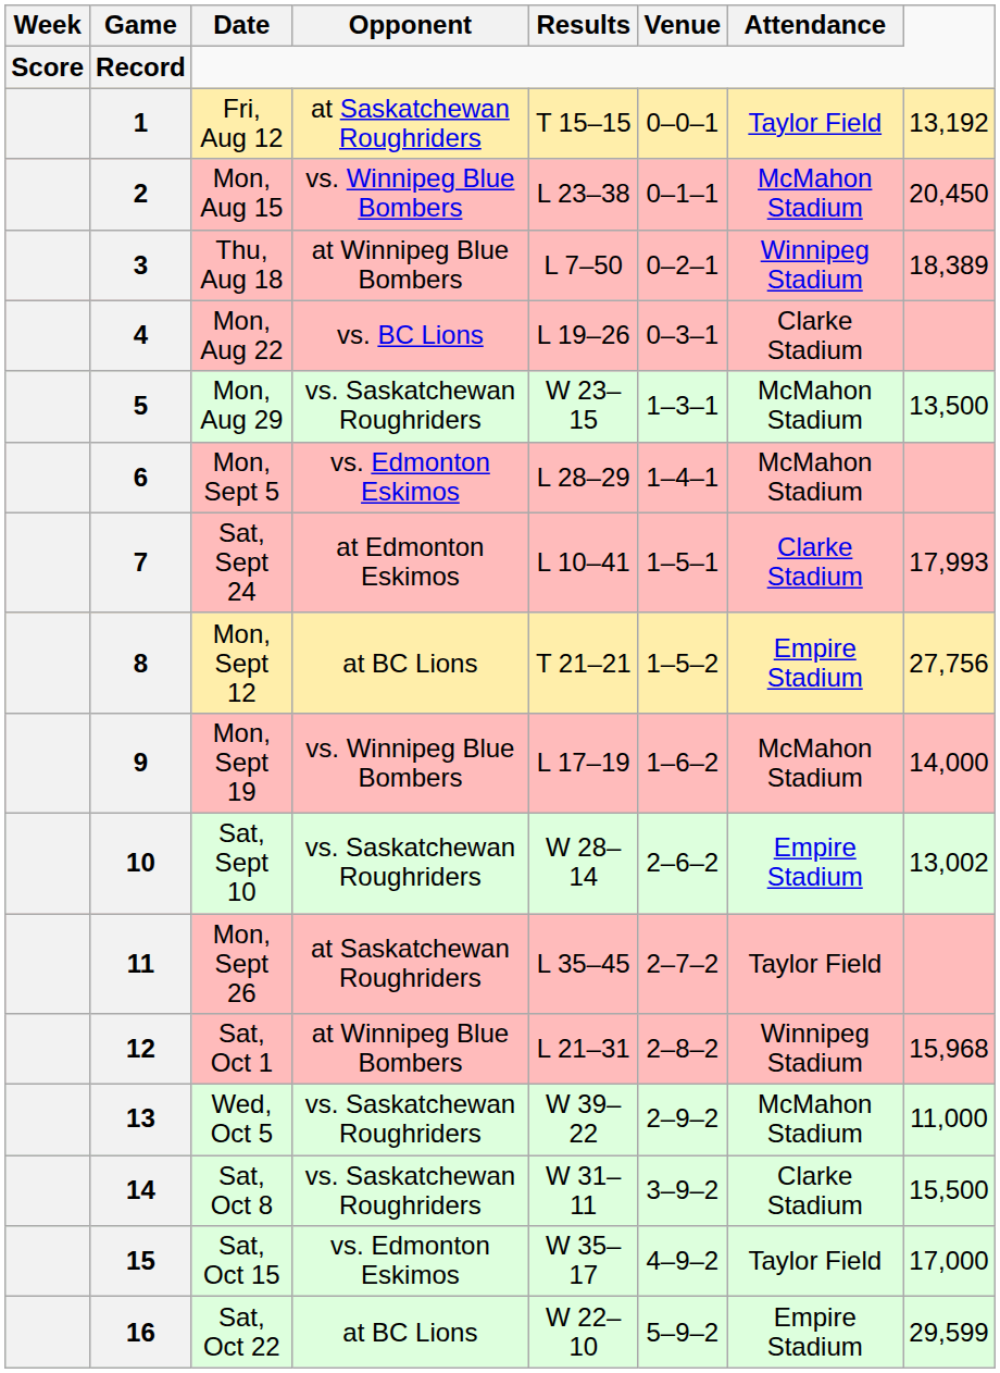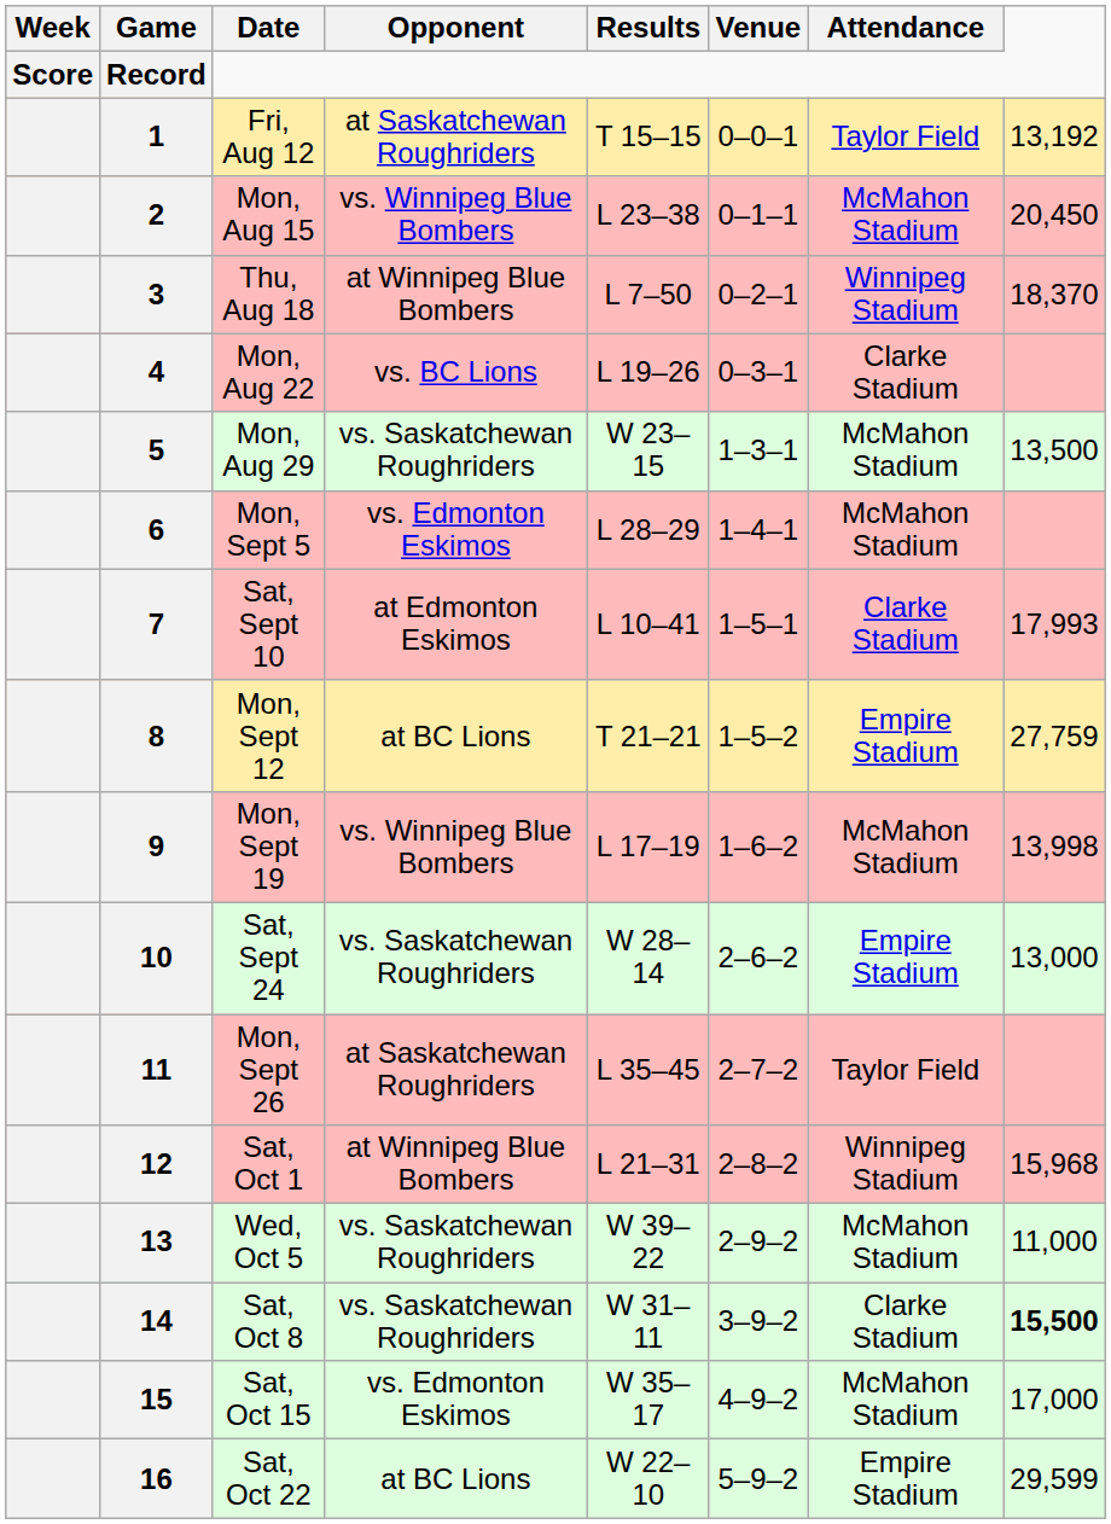 <table class="wikitable" style="text-align:center">
 <tr>
 <th>Week</th>
 <th>Game</th>
 <th>Date</th>
 <th>Opponent</th>
 <th>Results</th>
 <th>Venue</th>
 <th>Attendance</th>
 </tr>
 <tr>
 <th>Score</th>
 <th>Record</th>
 </tr>
 <tr style="background:#ffeeaa">
 <th></th>
 <th>1</th>
 <td>Fri, Aug 12</td>
 <td>at <a href='#'>Saskatchewan Roughriders</a></td>
 <td>T 15–15</td>
 <td>0–0–1</td>
 <td><a href='#'>Taylor Field</a></td>
 <td>13,192</td>
 </tr>
 <tr style="background:#ffbbbb">
 <th></th>
 <th>2</th>
 <td>Mon, Aug 15</td>
 <td>vs. <a href='#'>Winnipeg Blue Bombers</a></td>
 <td>L 23–38</td>
 <td>0–1–1</td>
 <td><a href='#'>McMahon Stadium</a></td>
 <td>20,450</td>
 </tr>
 <tr style="background:#ffbbbb">
 <th></th>
 <th>3</th>
 <td>Thu, Aug 18</td>
 <td>at Winnipeg Blue Bombers</td>
 <td>L 7–50</td>
 <td>0–2–1</td>
 <td><a href='#'>Winnipeg Stadium</a></td>
-<td>18,389</td>
+<td>18,370</td>
 </tr>
 <tr style="background:#ffbbbb">
 <th></th>
 <th>4</th>
 <td>Mon, Aug 22</td>
 <td>vs. <a href='#'>BC Lions</a></td>
 <td>L 19–26</td>
 <td>0–3–1</td>
 <td>Clarke Stadium</td>
 <td></td>
 </tr>
 <tr style="background:#ddffdd">
 <th></th>
 <th>5</th>
 <td>Mon, Aug 29</td>
 <td>vs. Saskatchewan Roughriders</td>
 <td>W 23–15</td>
 <td>1–3–1</td>
 <td>McMahon Stadium</td>
 <td>13,500</td>
 </tr>
 <tr style="background:#ffbbbb">
 <th></th>
 <th>6</th>
 <td>Mon, Sept 5</td>
 <td>vs. <a href='#'>Edmonton Eskimos</a></td>
 <td>L 28–29</td>
 <td>1–4–1</td>
 <td>McMahon Stadium</td>
 <td></td>
 </tr>
 <tr style="background:#ffbbbb">
 <th></th>
 <th>7</th>
-<td>Sat, Sept 24</td>
+<td>Sat, Sept 10</td>
 <td>at Edmonton Eskimos</td>
 <td>L 10–41</td>
 <td>1–5–1</td>
 <td><a href='#'>Clarke Stadium</a></td>
 <td>17,993</td>
 </tr>
 <tr style="background:#ffeeaa">
 <th></th>
 <th>8</th>
 <td>Mon, Sept 12</td>
 <td>at BC Lions</td>
 <td>T 21–21</td>
 <td>1–5–2</td>
 <td><a href='#'>Empire Stadium</a></td>
-<td>27,756</td>
+<td>27,759</td>
 </tr>
 <tr style="background:#ffbbbb">
 <th></th>
 <th>9</th>
 <td>Mon, Sept 19</td>
 <td>vs. Winnipeg Blue Bombers</td>
 <td>L 17–19</td>
 <td>1–6–2</td>
 <td>McMahon Stadium</td>
-<td>14,000</td>
+<td>13,998</td>
 </tr>
 <tr style="background:#ddffdd">
 <th></th>
 <th>10</th>
-<td>Sat, Sept 10</td>
+<td>Sat, Sept 24</td>
 <td>vs. Saskatchewan Roughriders</td>
 <td>W 28–14</td>
 <td>2–6–2</td>
 <td><a href='#'>Empire Stadium</a></td>
-<td>13,002</td>
+<td>13,000</td>
 </tr>
 <tr style="background:#ffbbbb">
 <th></th>
 <th>11</th>
 <td>Mon, Sept 26</td>
 <td>at Saskatchewan Roughriders</td>
 <td>L 35–45</td>
 <td>2–7–2</td>
 <td>Taylor Field</td>
 <td></td>
 </tr>
 <tr style="background:#ffbbbb">
 <th></th>
 <th>12</th>
 <td>Sat, Oct 1</td>
 <td>at Winnipeg Blue Bombers</td>
 <td>L 21–31</td>
 <td>2–8–2</td>
 <td>Winnipeg Stadium</td>
 <td>15,968</td>
 </tr>
 <tr style="background:#ddffdd">
 <th></th>
 <th>13</th>
 <td>Wed, Oct 5</td>
 <td>vs. Saskatchewan Roughriders</td>
 <td>W 39–22</td>
 <td>2–9–2</td>
 <td>McMahon Stadium</td>
 <td>11,000</td>
 </tr>
 <tr style="background:#ddffdd">
 <th></th>
 <th>14</th>
 <td>Sat, Oct 8</td>
 <td>vs. Saskatchewan Roughriders</td>
 <td>W 31–11</td>
 <td>3–9–2</td>
 <td>Clarke Stadium</td>
-<td>15,500</td>
+<td><strong>15,500</strong></td>
 </tr>
 <tr style="background:#ddffdd">
 <th></th>
 <th>15</th>
 <td>Sat, Oct 15</td>
 <td>vs. Edmonton Eskimos</td>
 <td>W 35–17</td>
 <td>4–9–2</td>
-<td>Taylor Field</td>
+<td>McMahon Stadium</td>
 <td>17,000</td>
 </tr>
 <tr style="background:#ddffdd">
 <th></th>
 <th>16</th>
 <td>Sat, Oct 22</td>
 <td>at BC Lions</td>
 <td>W 22–10</td>
 <td>5–9–2</td>
 <td>Empire Stadium</td>
 <td>29,599</td>
 </tr>
 </table>
